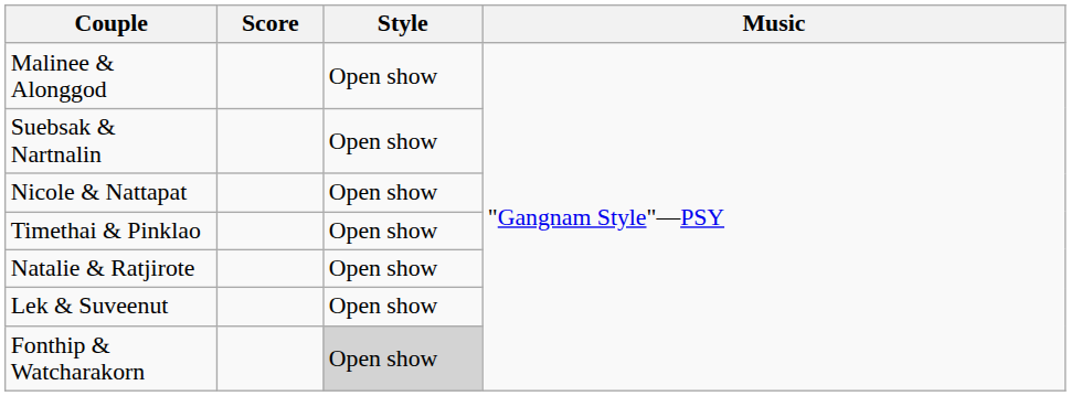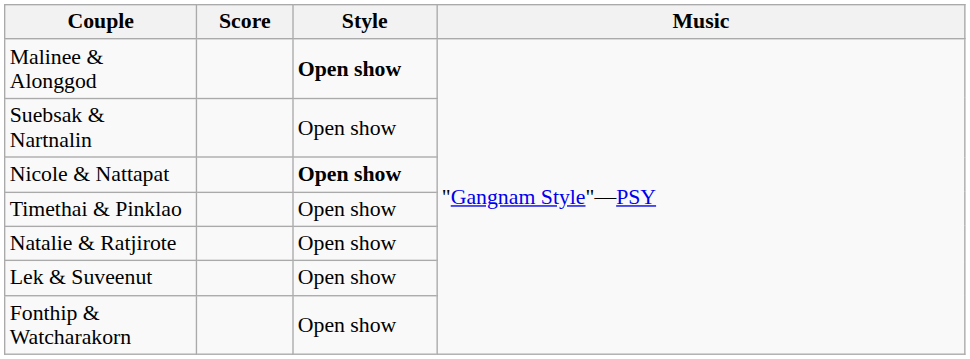 <table class="wikitable" style="width:80%;">
 <tr>
 <th style="width:20%;">Couple</th>
 <th style="width:10%;">Score</th>
 <th style="width:15%;">Style</th>
 <th style="width:60%;">Music</th>
 </tr>
 <tr>
 <td>Malinee & Alonggod</td>
 <td></td>
-<td>Open show</td>
+<td><strong>Open show</strong></td>
 <td rowspan=7>"<a href='#'>Gangnam Style</a>"—<a href='#'>PSY</a></td>
 </tr>
 <tr>
 <td>Suebsak & Nartnalin</td>
 <td></td>
 <td>Open show</td>
 </tr>
 <tr>
 <td>Nicole & Nattapat</td>
 <td></td>
-<td>Open show</td>
+<td><strong>Open show</strong></td>
 </tr>
 <tr>
 <td>Timethai & Pinklao</td>
 <td></td>
 <td>Open show</td>
 </tr>
 <tr>
 <td>Natalie & Ratjirote</td>
 <td></td>
 <td>Open show</td>
 </tr>
 <tr>
 <td>Lek & Suveenut</td>
 <td></td>
 <td>Open show</td>
 </tr>
 <tr>
 <td>Fonthip & Watcharakorn</td>
 <td></td>
-<td style="background: lightgrey;">Open show</td>
+<td>Open show</td>
 </tr>
 </table>
